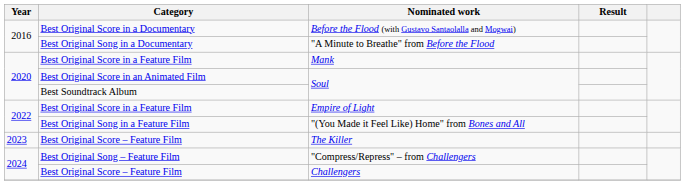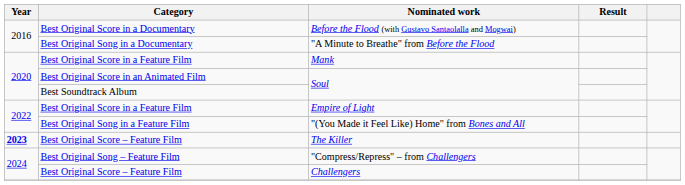 <table class="wikitable" style="width:85%;">
 <tr>
 <th width=5%>Year</th>
 <th style="width:40%;">Category</th>
 <th style="width:40%;">Nominated work</th>
 <th style="width:10%;">Result</th>
 <th width=5%></th>
 </tr>
 <tr>
 <td rowspan="2" style="text-align:center;">2016</td>
 <td><a href='#'>Best Original Score in a Documentary</a></td>
 <td><em><a href='#'>Before the Flood</a></em> <small>(with <a href='#'>Gustavo Santaolalla</a> and <a href='#'>Mogwai</a>)</small></td>
 <td></td>
 <td rowspan="2" style="text-align:center;"></td>
 </tr>
 <tr>
 <td><a href='#'>Best Original Song in a Documentary</a></td>
 <td>"A Minute to Breathe" from <em><a href='#'>Before the Flood</a></em></td>
 <td></td>
 </tr>
 <tr>
 <td rowspan="3" style="text-align:center;"><a href='#'>2020</a></td>
 <td><a href='#'>Best Original Score in a Feature Film</a></td>
 <td><em><a href='#'>Mank</a></em></td>
 <td></td>
 <td rowspan="3" style="text-align:center;"></td>
 </tr>
 <tr>
 <td><a href='#'>Best Original Score in an Animated Film</a></td>
 <td rowspan="2"><em><a href='#'>Soul</a></em></td>
 <td></td>
 </tr>
 <tr>
 <td>Best Soundtrack Album</td>
 <td></td>
 </tr>
 <tr>
 <td rowspan="2" style="text-align:center;"><a href='#'>2022</a></td>
 <td><a href='#'>Best Original Score in a Feature Film</a></td>
 <td><em><a href='#'>Empire of Light</a></em></td>
 <td></td>
 <td rowspan="2" style="text-align:center;"></td>
 </tr>
 <tr>
 <td><a href='#'>Best Original Song in a Feature Film</a></td>
 <td>"(You Made it Feel Like) Home" from <em><a href='#'>Bones and All</a></em></td>
 <td></td>
 </tr>
 <tr>
-<td><a href='#'>2023</a></td>
+<td><strong><a href='#'>2023</a></strong></td>
 <td><a href='#'>Best Original Score – Feature Film</a></td>
 <td><em><a href='#'>The Killer</a></em></td>
 <td></td>
 <td align="center"></td>
 </tr>
 <tr>
 <td rowspan="2"><a href='#'>2024</a></td>
 <td><a href='#'>Best Original Song – Feature Film</a></td>
 <td>"Compress/Repress" – from <em><a href='#'>Challengers</a></em></td>
 <td></td>
 <td rowspan="2"></td>
 </tr>
 <tr>
 <td><a href='#'>Best Original Score – Feature Film</a></td>
 <td><em><a href='#'>Challengers</a></em></td>
 <td></td>
 </tr>
 <tr>
 </tr>
 </table>
